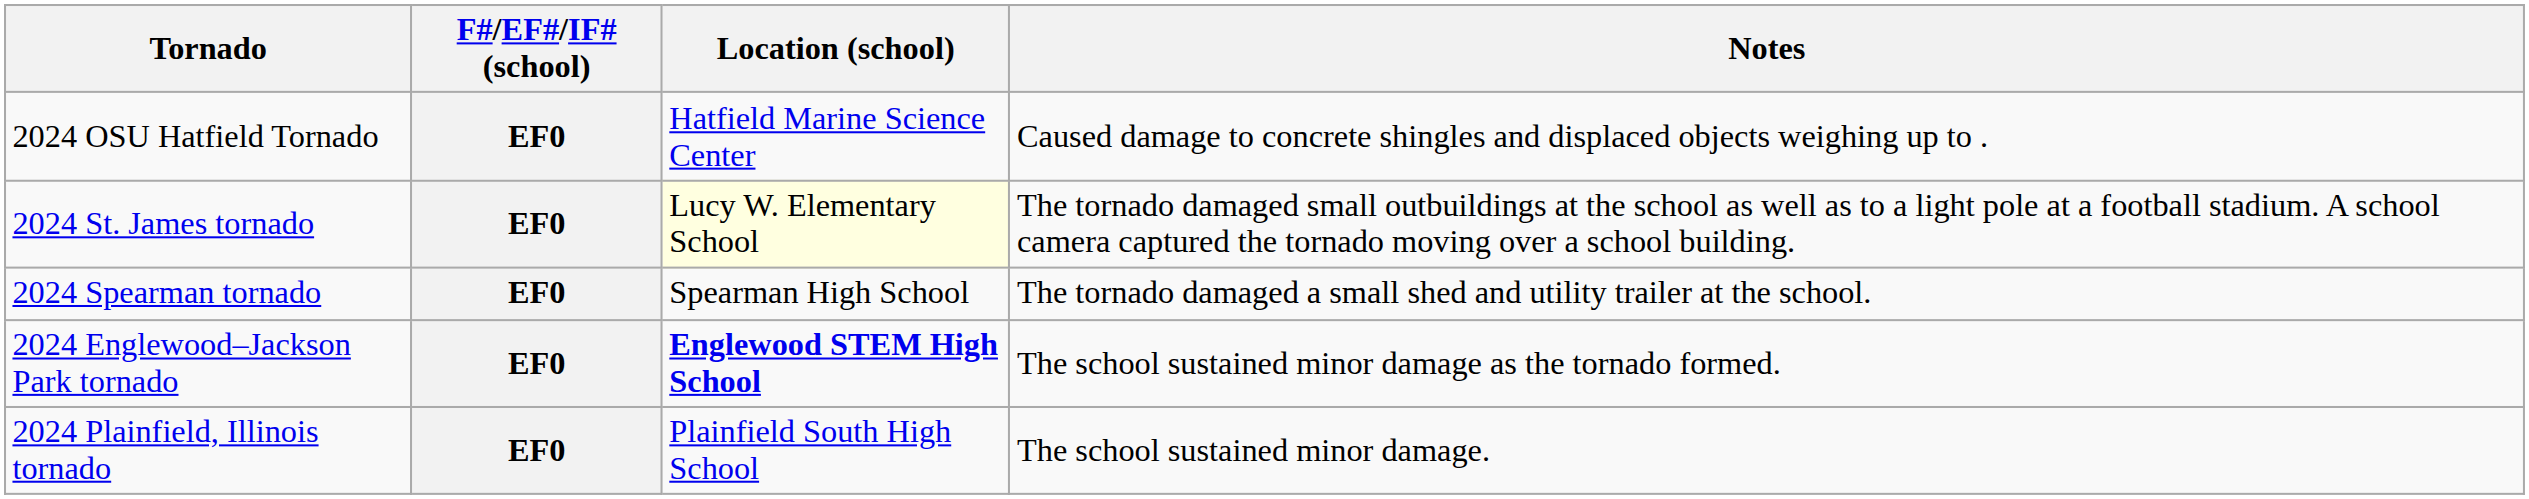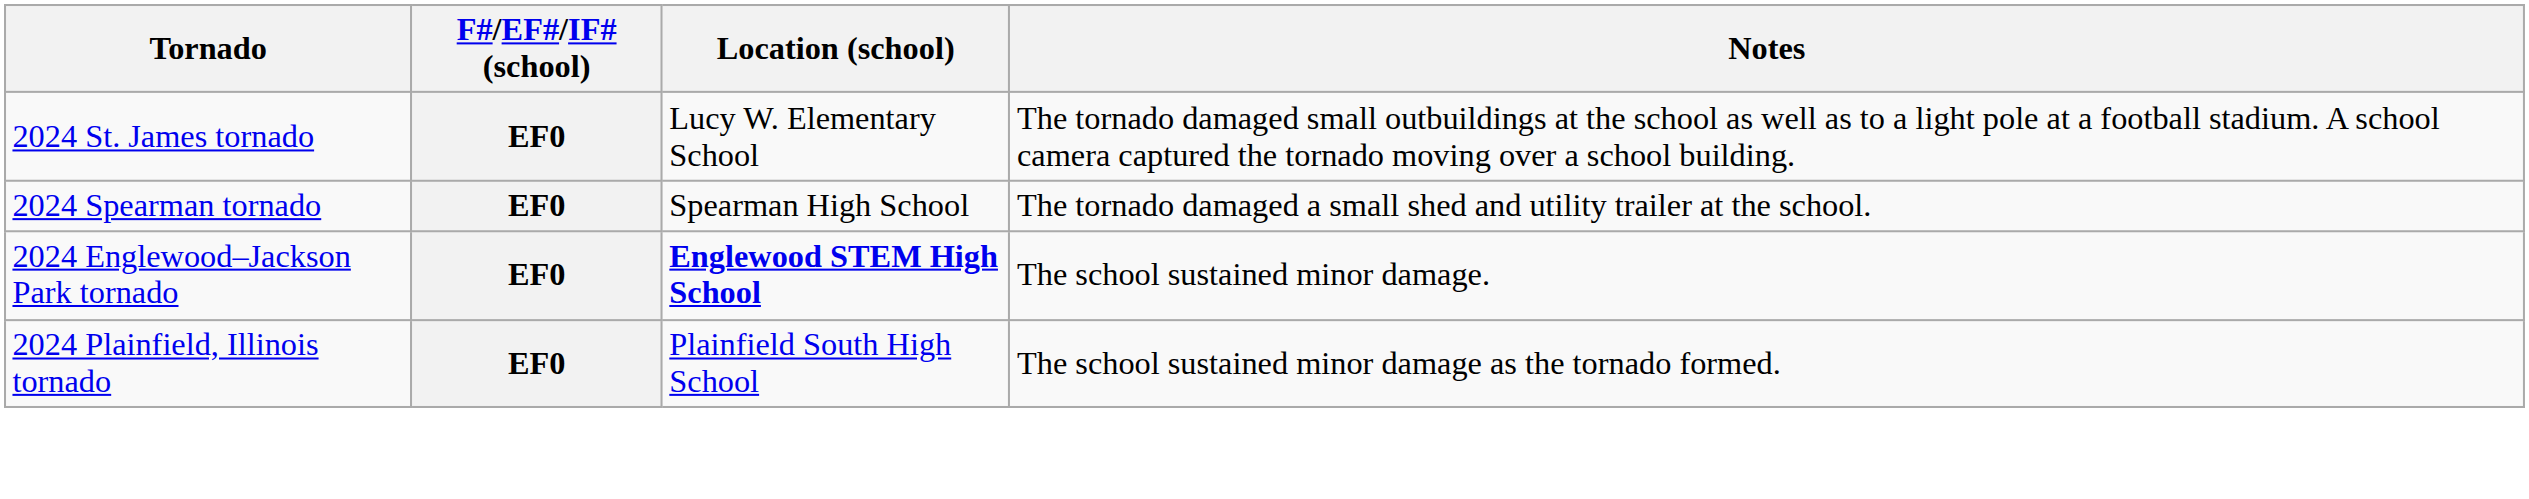 <table class="wikitable">
 <tr>
 <th>Tornado</th>
 <th><a href='#'>F#</a><strong>/</strong><a href='#'>EF#</a><strong>/</strong><a href='#'>IF#</a> (school)</th>
 <th>Location (school)</th>
 <th>Notes</th>
 </tr>
 <tr>
-<td scope="row" rowspan="1">2024 OSU Hatfield Tornado</td>
-<th scope="row" rowspan="1" style="background-color:#">EF0</th>
-<td><a href='#'>Hatfield Marine Science Center</a></td>
-<td>Caused damage to concrete shingles and displaced objects weighing up to .</td>
-</tr>
-<tr>
 <td scope="row" rowspan="1"><a href='#'>2024 St. James tornado</a></td>
 <th scope="row" rowspan="1" style="background-color:#">EF0</th>
-<td style="background: lightyellow;">Lucy W. Elementary School</td>
+<td>Lucy W. Elementary School</td>
 <td>The tornado damaged small outbuildings at the school as well as to a light pole at a football stadium. A school camera captured the tornado moving over a school building.</td>
 </tr>
 <tr>
 <td scope="row" rowspan="1"><a href='#'>2024 Spearman tornado</a></td>
 <th scope="row" rowspan="1" style="background-color:#">EF0</th>
 <td>Spearman High School</td>
 <td>The tornado damaged a small shed and utility trailer at the school.</td>
 </tr>
 <tr>
 <td scope="row" rowspan="1"><a href='#'>2024 Englewood–Jackson Park tornado</a></td>
 <th scope="row" rowspan="1" style="background-color:#">EF0</th>
 <td><strong><a href='#'>Englewood STEM High School</a></strong></td>
-<td>The school sustained minor damage as the tornado formed.</td>
+<td>The school sustained minor damage.</td>
 </tr>
 <tr>
 <td scope="row" rowspan="1"><a href='#'>2024 Plainfield, Illinois tornado</a></td>
 <th scope="row" rowspan="1" style="background-color:#">EF0</th>
 <td><a href='#'>Plainfield South High School</a></td>
-<td>The school sustained minor damage.</td>
+<td>The school sustained minor damage as the tornado formed.</td>
 </tr>
 </table>
